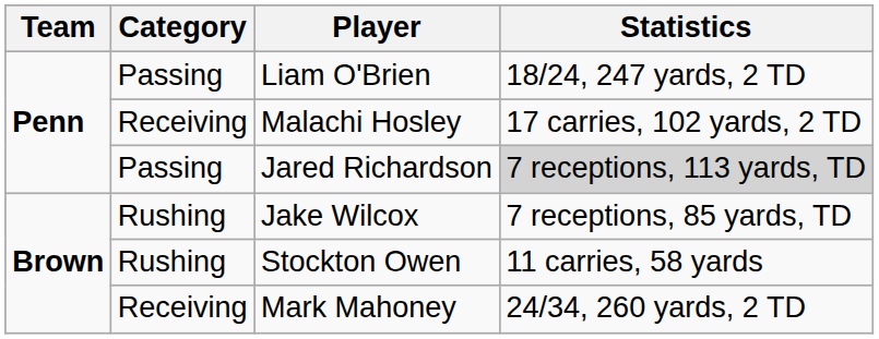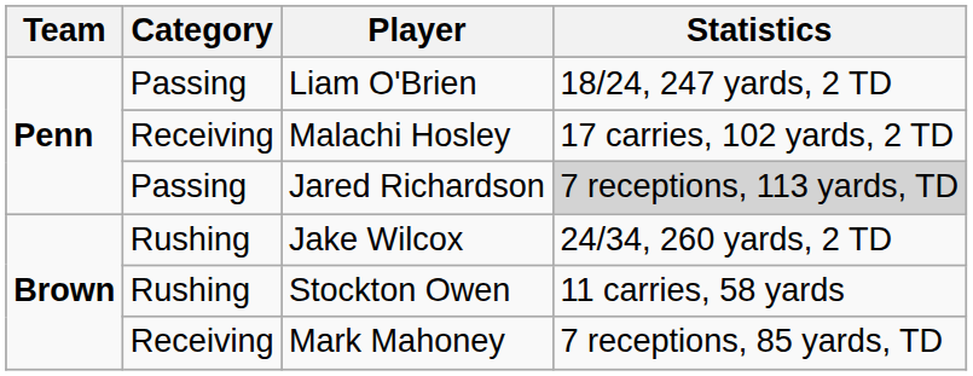 <table class="wikitable" style="float: right;">
 <tr>
 <th>Team</th>
 <th>Category</th>
 <th>Player</th>
 <th>Statistics</th>
 </tr>
 <tr>
 <td rowspan=3><strong>Penn</strong></td>
 <td>Passing</td>
 <td>Liam O'Brien</td>
 <td>18/24, 247 yards, 2 TD</td>
 </tr>
 <tr>
 <td>Receiving</td>
 <td>Malachi Hosley</td>
 <td>17 carries, 102 yards, 2 TD</td>
 </tr>
 <tr>
 <td>Passing</td>
 <td>Jared Richardson</td>
 <td style="background: lightgrey;">7 receptions, 113 yards, TD</td>
 </tr>
 <tr>
 <td rowspan=3><strong>Brown</strong></td>
 <td>Rushing</td>
 <td>Jake Wilcox</td>
-<td>7 receptions, 85 yards, TD</td>
+<td>24/34, 260 yards, 2 TD</td>
 </tr>
 <tr>
 <td>Rushing</td>
 <td>Stockton Owen</td>
 <td>11 carries, 58 yards</td>
 </tr>
 <tr>
 <td>Receiving</td>
 <td>Mark Mahoney</td>
-<td>24/34, 260 yards, 2 TD</td>
+<td>7 receptions, 85 yards, TD</td>
 </tr>
 </table>
